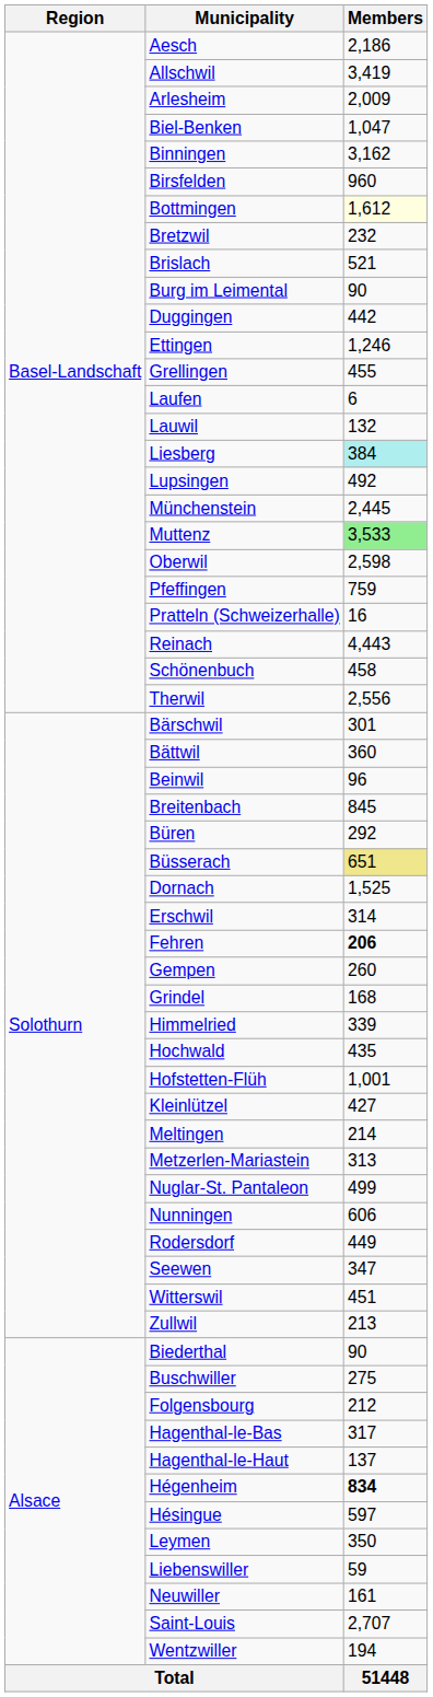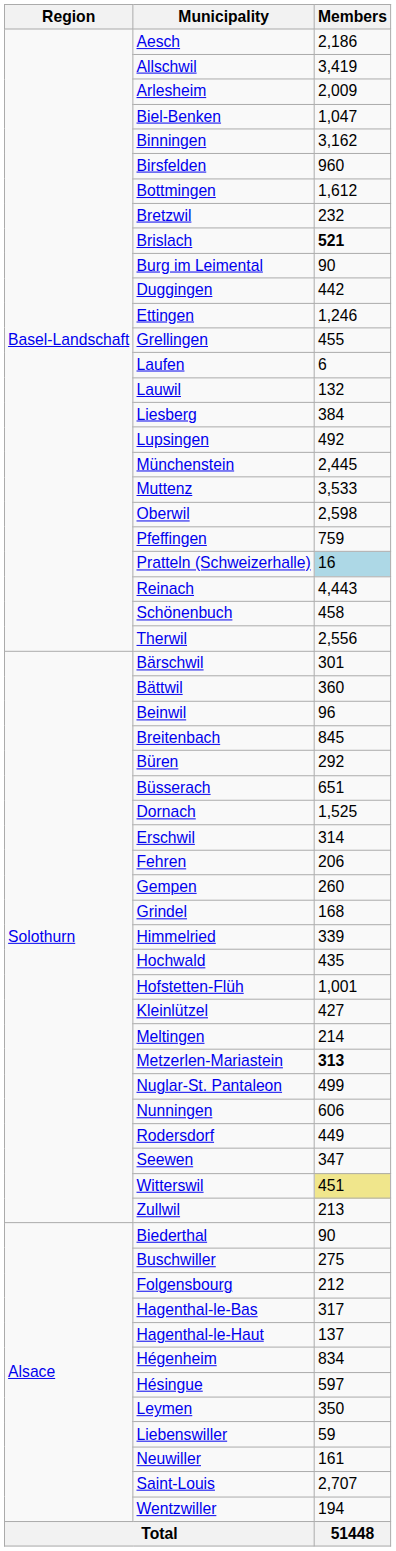 <table class=wikitable>
 <tr>
 <th>Region</th>
 <th>Municipality</th>
 <th>Members</th>
 </tr>
 <tr>
 <td rowspan=25> <a href='#'>Basel-Landschaft</a></td>
 <td><a href='#'>Aesch</a></td>
 <td>2,186</td>
 </tr>
 <tr>
 <td><a href='#'>Allschwil</a></td>
 <td>3,419</td>
 </tr>
 <tr>
 <td><a href='#'>Arlesheim</a></td>
 <td>2,009</td>
 </tr>
 <tr>
 <td><a href='#'>Biel-Benken</a></td>
 <td>1,047</td>
 </tr>
 <tr>
 <td><a href='#'>Binningen</a></td>
 <td>3,162</td>
 </tr>
 <tr>
 <td><a href='#'>Birsfelden</a></td>
 <td>960</td>
 </tr>
 <tr>
 <td><a href='#'>Bottmingen</a></td>
-<td style="background: lightyellow;">1,612</td>
+<td>1,612</td>
 </tr>
 <tr>
 <td><a href='#'>Bretzwil</a></td>
 <td>232</td>
 </tr>
 <tr>
 <td><a href='#'>Brislach</a></td>
-<td>521</td>
+<td><strong>521</strong></td>
 </tr>
 <tr>
 <td><a href='#'>Burg im Leimental</a></td>
 <td>90</td>
 </tr>
 <tr>
 <td><a href='#'>Duggingen</a></td>
 <td>442</td>
 </tr>
 <tr>
 <td><a href='#'>Ettingen</a></td>
 <td>1,246</td>
 </tr>
 <tr>
 <td><a href='#'>Grellingen</a></td>
 <td>455</td>
 </tr>
 <tr>
 <td><a href='#'>Laufen</a></td>
 <td>6</td>
 </tr>
 <tr>
 <td><a href='#'>Lauwil</a></td>
 <td>132</td>
 </tr>
 <tr>
 <td><a href='#'>Liesberg</a></td>
-<td style="background: paleturquoise;">384</td>
+<td>384</td>
 </tr>
 <tr>
 <td><a href='#'>Lupsingen</a></td>
 <td>492</td>
 </tr>
 <tr>
 <td><a href='#'>Münchenstein</a></td>
 <td>2,445</td>
 </tr>
 <tr>
 <td><a href='#'>Muttenz</a></td>
-<td style="background: lightgreen;">3,533</td>
+<td>3,533</td>
 </tr>
 <tr>
 <td><a href='#'>Oberwil</a></td>
 <td>2,598</td>
 </tr>
 <tr>
 <td><a href='#'>Pfeffingen</a></td>
 <td>759</td>
 </tr>
 <tr>
 <td><a href='#'>Pratteln (Schweizerhalle)</a></td>
-<td>16</td>
+<td style="background: lightblue;">16</td>
 </tr>
 <tr>
 <td><a href='#'>Reinach</a></td>
 <td>4,443</td>
 </tr>
 <tr>
 <td><a href='#'>Schönenbuch</a></td>
 <td>458</td>
 </tr>
 <tr>
 <td><a href='#'>Therwil</a></td>
 <td>2,556</td>
 </tr>
 <tr>
 <td rowspan=23> <a href='#'>Solothurn</a></td>
 <td><a href='#'>Bärschwil</a></td>
 <td>301</td>
 </tr>
 <tr>
 <td><a href='#'>Bättwil</a></td>
 <td>360</td>
 </tr>
 <tr>
 <td><a href='#'>Beinwil</a></td>
 <td>96</td>
 </tr>
 <tr>
 <td><a href='#'>Breitenbach</a></td>
 <td>845</td>
 </tr>
 <tr>
 <td><a href='#'>Büren</a></td>
 <td>292</td>
 </tr>
 <tr>
 <td><a href='#'>Büsserach</a></td>
-<td style="background: khaki;">651</td>
+<td>651</td>
 </tr>
 <tr>
 <td><a href='#'>Dornach</a></td>
 <td>1,525</td>
 </tr>
 <tr>
 <td><a href='#'>Erschwil</a></td>
 <td>314</td>
 </tr>
 <tr>
 <td><a href='#'>Fehren</a></td>
-<td><strong>206</strong></td>
+<td>206</td>
 </tr>
 <tr>
 <td><a href='#'>Gempen</a></td>
 <td>260</td>
 </tr>
 <tr>
 <td><a href='#'>Grindel</a></td>
 <td>168</td>
 </tr>
 <tr>
 <td><a href='#'>Himmelried</a></td>
 <td>339</td>
 </tr>
 <tr>
 <td><a href='#'>Hochwald</a></td>
 <td>435</td>
 </tr>
 <tr>
 <td><a href='#'>Hofstetten-Flüh</a></td>
 <td>1,001</td>
 </tr>
 <tr>
 <td><a href='#'>Kleinlützel</a></td>
 <td>427</td>
 </tr>
 <tr>
 <td><a href='#'>Meltingen</a></td>
 <td>214</td>
 </tr>
 <tr>
 <td><a href='#'>Metzerlen-Mariastein</a></td>
-<td>313</td>
+<td><strong>313</strong></td>
 </tr>
 <tr>
 <td><a href='#'>Nuglar-St. Pantaleon</a></td>
 <td>499</td>
 </tr>
 <tr>
 <td><a href='#'>Nunningen</a></td>
 <td>606</td>
 </tr>
 <tr>
 <td><a href='#'>Rodersdorf</a></td>
 <td>449</td>
 </tr>
 <tr>
 <td><a href='#'>Seewen</a></td>
 <td>347</td>
 </tr>
 <tr>
 <td><a href='#'>Witterswil</a></td>
-<td>451</td>
+<td style="background: khaki;">451</td>
 </tr>
 <tr>
 <td><a href='#'>Zullwil</a></td>
 <td>213</td>
 </tr>
 <tr>
 <td rowspan=12> <a href='#'>Alsace</a></td>
 <td><a href='#'>Biederthal</a></td>
 <td>90</td>
 </tr>
 <tr>
 <td><a href='#'>Buschwiller</a></td>
 <td>275</td>
 </tr>
 <tr>
 <td><a href='#'>Folgensbourg</a></td>
 <td>212</td>
 </tr>
 <tr>
 <td><a href='#'>Hagenthal-le-Bas</a></td>
 <td>317</td>
 </tr>
 <tr>
 <td><a href='#'>Hagenthal-le-Haut</a></td>
 <td>137</td>
 </tr>
 <tr>
 <td><a href='#'>Hégenheim</a></td>
-<td><strong>834</strong></td>
+<td>834</td>
 </tr>
 <tr>
 <td><a href='#'>Hésingue</a></td>
 <td>597</td>
 </tr>
 <tr>
 <td><a href='#'>Leymen</a></td>
 <td>350</td>
 </tr>
 <tr>
 <td><a href='#'>Liebenswiller</a></td>
 <td>59</td>
 </tr>
 <tr>
 <td><a href='#'>Neuwiller</a></td>
 <td>161</td>
 </tr>
 <tr>
 <td><a href='#'>Saint-Louis</a></td>
 <td>2,707</td>
 </tr>
 <tr>
 <td><a href='#'>Wentzwiller</a></td>
 <td>194</td>
 </tr>
 <tr>
 <th colspan=2>Total</th>
 <th>51448</th>
 </tr>
 </table>
